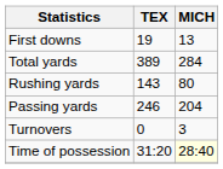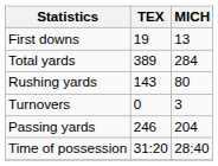 <table class="wikitable" style="float: left;">
 <tr>
 <th>Statistics</th>
 <th>TEX</th>
 <th>MICH</th>
 </tr>
 <tr>
 <td>First downs</td>
 <td>19</td>
 <td>13</td>
 </tr>
 <tr>
 <td>Total yards</td>
 <td>389</td>
 <td>284</td>
 </tr>
 <tr>
 <td>Rushing yards</td>
 <td>143</td>
 <td>80</td>
 </tr>
 <tr>
+<td>Turnovers</td>
+<td>0</td>
+<td>3</td>
+</tr>
+<tr>
 <td>Passing yards</td>
 <td>246</td>
 <td>204</td>
 </tr>
 <tr>
-<td>Turnovers</td>
-<td>0</td>
-<td>3</td>
-</tr>
-<tr>
 <td>Time of possession</td>
 <td>31:20</td>
-<td style="background: lightyellow;">28:40</td>
+<td>28:40</td>
 </tr>
 <tr>
 </tr>
 </table>
